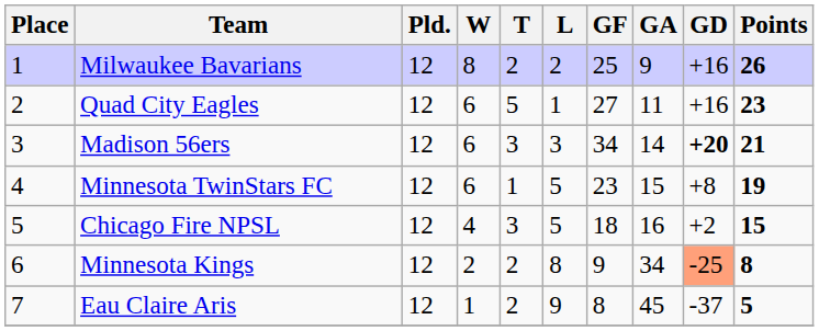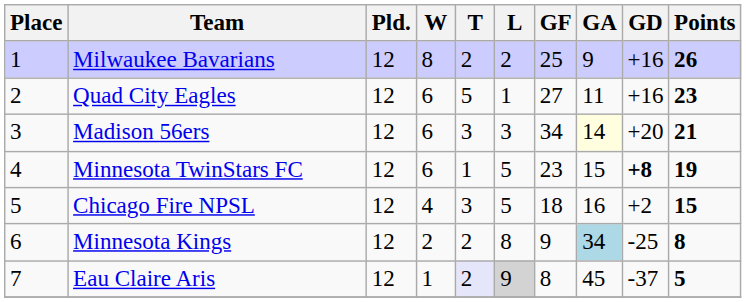 <table class="wikitable">
 <tr>
 <th>Place</th>
 <th width="200">Team</th>
 <th width="20">Pld.</th>
 <th width="20">W</th>
 <th width="20">T</th>
 <th width="20">L</th>
 <th width="20">GF</th>
 <th width="20">GA</th>
 <th width="25">GD</th>
 <th>Points</th>
 </tr>
 <tr bgcolor=#CCCCFF>
 <td>1</td>
 <td><a href='#'>Milwaukee Bavarians</a></td>
 <td>12</td>
 <td>8</td>
 <td>2</td>
 <td>2</td>
 <td>25</td>
 <td>9</td>
 <td>+16</td>
 <td><strong>26</strong></td>
 </tr>
 <tr>
 <td>2</td>
 <td><a href='#'>Quad City Eagles</a></td>
 <td>12</td>
 <td>6</td>
 <td>5</td>
 <td>1</td>
 <td>27</td>
 <td>11</td>
 <td>+16</td>
 <td><strong>23</strong></td>
 </tr>
 <tr>
 <td>3</td>
 <td><a href='#'>Madison 56ers</a></td>
 <td>12</td>
 <td>6</td>
 <td>3</td>
 <td>3</td>
 <td>34</td>
-<td>14</td>
-<td><strong>+20</strong></td>
+<td style="background: lightyellow;">14</td>
+<td>+20</td>
 <td><strong>21</strong></td>
 </tr>
 <tr>
 <td>4</td>
 <td><a href='#'>Minnesota TwinStars FC</a></td>
 <td>12</td>
 <td>6</td>
 <td>1</td>
 <td>5</td>
 <td>23</td>
 <td>15</td>
-<td>+8</td>
+<td><strong>+8</strong></td>
 <td><strong>19</strong></td>
 </tr>
 <tr>
 <td>5</td>
 <td><a href='#'>Chicago Fire NPSL</a></td>
 <td>12</td>
 <td>4</td>
 <td>3</td>
 <td>5</td>
 <td>18</td>
 <td>16</td>
 <td>+2</td>
 <td><strong>15</strong></td>
 </tr>
 <tr>
 <td>6</td>
 <td><a href='#'>Minnesota Kings</a></td>
 <td>12</td>
 <td>2</td>
 <td>2</td>
 <td>8</td>
 <td>9</td>
-<td>34</td>
-<td style="background: lightsalmon;">-25</td>
+<td style="background: lightblue;">34</td>
+<td>-25</td>
 <td><strong>8</strong></td>
 </tr>
 <tr>
 <td>7</td>
 <td><a href='#'>Eau Claire Aris</a></td>
 <td>12</td>
 <td>1</td>
-<td>2</td>
-<td>9</td>
+<td style="background: lavender;">2</td>
+<td style="background: lightgrey;">9</td>
 <td>8</td>
 <td>45</td>
 <td>-37</td>
 <td><strong>5</strong></td>
 </tr>
 <tr>
 </tr>
 </table>
